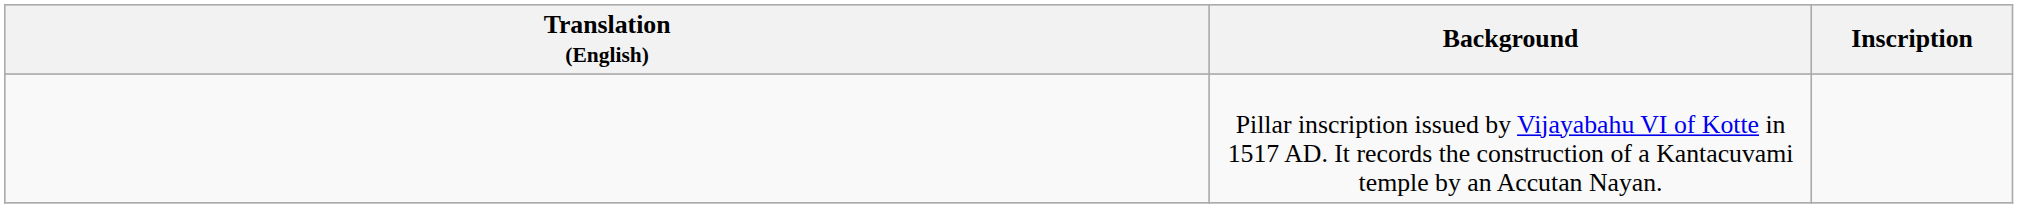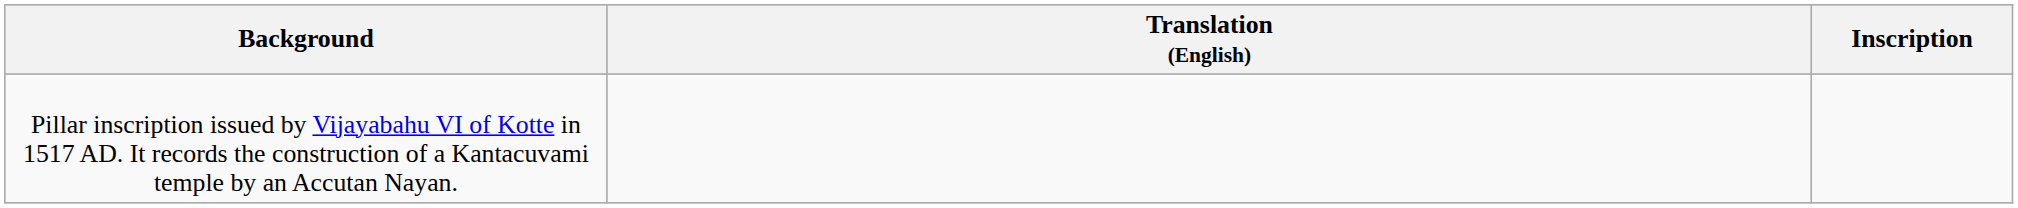 <table class="wikitable centre">
 <tr>
+<th scope="col" align=left>Background<br></th>
 <th>Translation<br><small>(English)</small></th>
-<th scope="col" align=left>Background<br></th>
 <th>Inscription<br></th>
 </tr>
 <tr>
+<td align=center width="30%"><br>Pillar inscription issued by <a href='#'>Vijayabahu VI of Kotte</a> in 1517 AD. It records the construction of a Kantacuvami temple by an Accutan Nayan.</td>
 <td align=left></td>
-<td align=center width="30%"><br>Pillar inscription issued by <a href='#'>Vijayabahu VI of Kotte</a> in 1517 AD. It records the construction of a Kantacuvami temple by an Accutan Nayan.</td>
 <td align=center width="10%"></td>
 </tr>
 </table>
